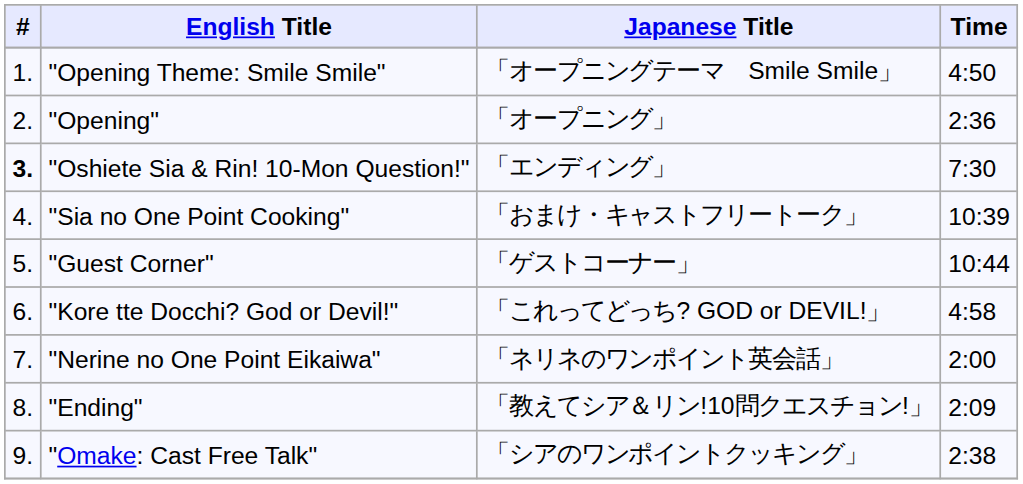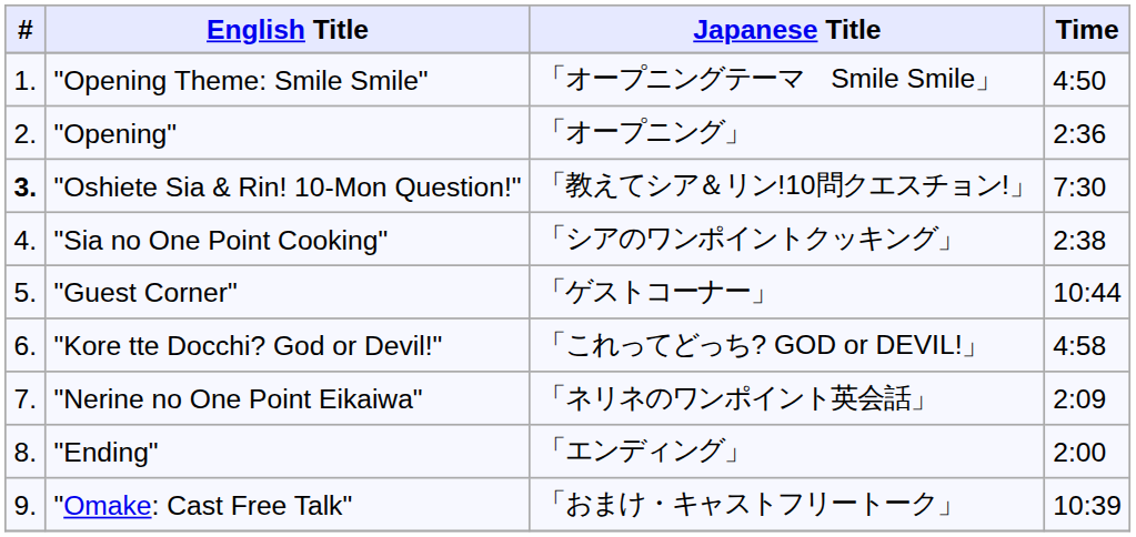 <table border="" cellpadding="4" cellspacing="0" style="border: 1px #aaaaaa solid; border-collapse: collapse; padding: 0.2em; margin: 1em 1em 1em 0; background: #f7f8ff; font-size:0.9em">
 <tr valign="middle" bgcolor="#e6e9ff">
 <th rowspan="1">#</th>
 <th rowspan="1"><a href='#'>English</a> Title</th>
 <th colspan="1"><a href='#'>Japanese</a> Title</th>
 <th rowspan="1">Time</th>
 </tr>
 <tr bgcolor="#e6e9ff">
 </tr>
 <tr>
 <td>1.</td>
 <td>"Opening Theme: Smile Smile"</td>
 <td>「オープニングテーマ　Smile Smile」</td>
 <td>4:50</td>
 </tr>
 <tr>
 <td>2.</td>
 <td>"Opening"</td>
 <td>「オープニング」</td>
 <td>2:36</td>
 </tr>
 <tr>
 <td><strong>3.</strong></td>
 <td>"Oshiete Sia & Rin! 10-Mon Question!"</td>
-<td>「エンディング」</td>
+<td>「教えてシア＆リン!10問クエスチョン!」</td>
 <td>7:30</td>
 </tr>
 <tr>
 <td>4.</td>
 <td>"Sia no One Point Cooking"</td>
-<td>「おまけ・キャストフリートーク」</td>
-<td>10:39</td>
+<td>「シアのワンポイントクッキング」</td>
+<td>2:38</td>
 </tr>
 <tr>
 <td>5.</td>
 <td>"Guest Corner"</td>
 <td>「ゲストコーナー」</td>
 <td>10:44</td>
 </tr>
 <tr>
 <td>6.</td>
 <td>"Kore tte Docchi? God or Devil!"</td>
 <td>「これってどっち? GOD or DEVIL!」</td>
 <td>4:58</td>
 </tr>
 <tr>
 <td>7.</td>
 <td>"Nerine no One Point Eikaiwa"</td>
 <td>「ネリネのワンポイント英会話」</td>
-<td>2:00</td>
+<td>2:09</td>
 </tr>
 <tr>
 <td>8.</td>
 <td>"Ending"</td>
-<td>「教えてシア＆リン!10問クエスチョン!」</td>
-<td>2:09</td>
+<td>「エンディング」</td>
+<td>2:00</td>
 </tr>
 <tr>
 <td>9.</td>
 <td>"<a href='#'>Omake</a>: Cast Free Talk"</td>
-<td>「シアのワンポイントクッキング」</td>
-<td>2:38</td>
+<td>「おまけ・キャストフリートーク」</td>
+<td>10:39</td>
 </tr>
 <tr>
 </tr>
 </table>
